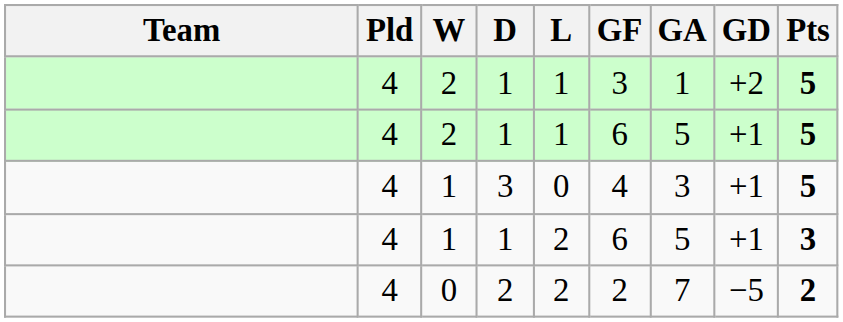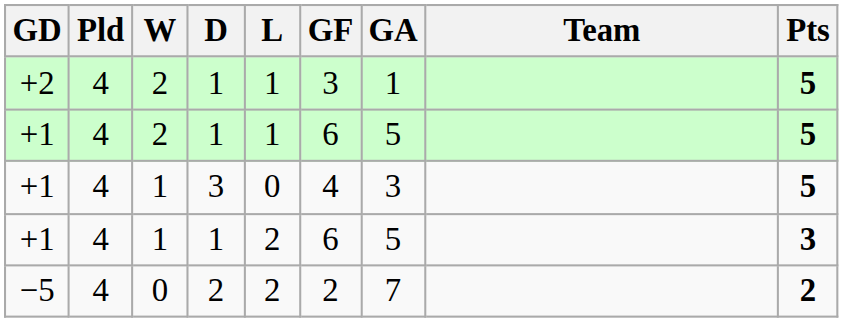 <table class="wikitable" style="text-align: center;">
 <tr>
-<th width="165">Team</th>
+<th width="20">GD</th>
 <th width="20">Pld</th>
 <th width="20">W</th>
 <th width="20">D</th>
 <th width="20">L</th>
 <th width="20">GF</th>
 <th width="20">GA</th>
-<th width="20">GD</th>
+<th width="165">Team</th>
 <th width="20">Pts</th>
 </tr>
 <tr style="background:#ccffcc;">
-<td style="text-align:left;"></td>
+<td>+2</td>
 <td>4</td>
 <td>2</td>
 <td>1</td>
 <td>1</td>
 <td>3</td>
 <td>1</td>
-<td>+2</td>
+<td style="text-align:left;"></td>
 <td><strong>5</strong></td>
 </tr>
 <tr style="background:#ccffcc;">
-<td style="text-align:left;"></td>
+<td>+1</td>
 <td>4</td>
 <td>2</td>
 <td>1</td>
 <td>1</td>
 <td>6</td>
 <td>5</td>
-<td>+1</td>
+<td style="text-align:left;"></td>
 <td><strong>5</strong></td>
 </tr>
 <tr>
-<td style="text-align:left;"></td>
+<td>+1</td>
 <td>4</td>
 <td>1</td>
 <td>3</td>
 <td>0</td>
 <td>4</td>
 <td>3</td>
-<td>+1</td>
+<td style="text-align:left;"></td>
 <td><strong>5</strong></td>
 </tr>
 <tr>
-<td style="text-align:left;"></td>
+<td>+1</td>
 <td>4</td>
 <td>1</td>
 <td>1</td>
 <td>2</td>
 <td>6</td>
 <td>5</td>
-<td>+1</td>
+<td style="text-align:left;"></td>
 <td><strong>3</strong></td>
 </tr>
 <tr>
-<td style="text-align:left;"></td>
+<td>−5</td>
 <td>4</td>
 <td>0</td>
 <td>2</td>
 <td>2</td>
 <td>2</td>
 <td>7</td>
-<td>−5</td>
+<td style="text-align:left;"></td>
 <td><strong>2</strong></td>
 </tr>
 </table>
